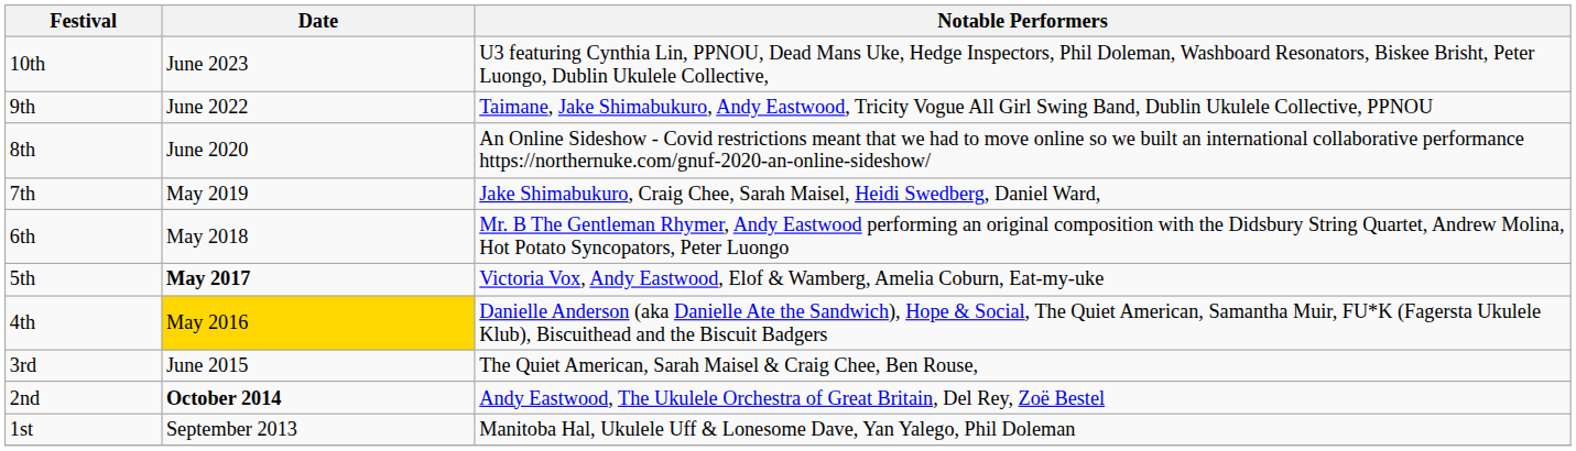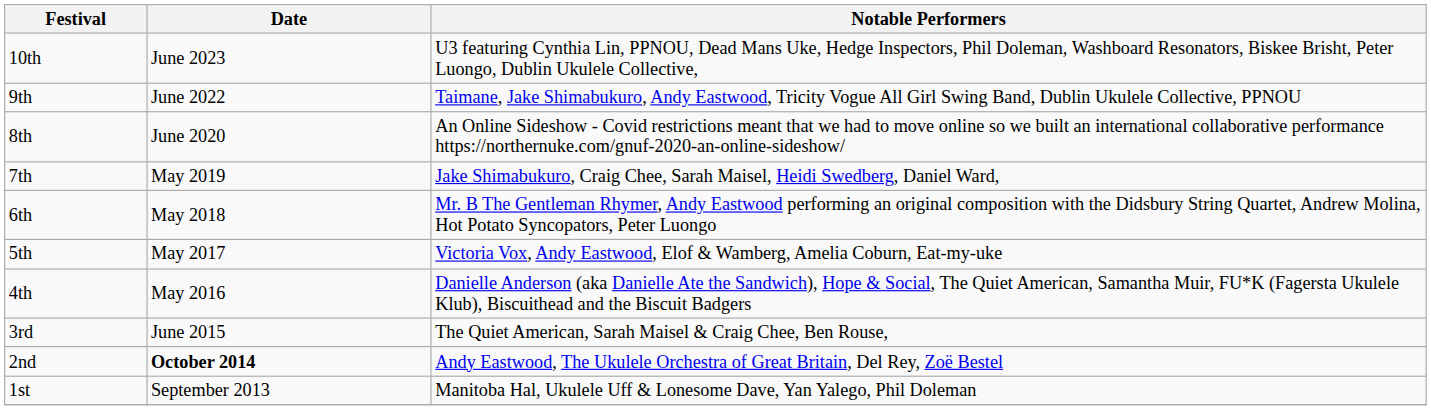 <table class="wikitable sortable">
 <tr>
 <th width="10%">Festival</th>
 <th width="20%">Date</th>
 <th width="70%">Notable Performers</th>
 </tr>
 <tr>
 <td>10th</td>
 <td>June 2023</td>
 <td>U3 featuring Cynthia Lin, PPNOU, Dead Mans Uke, Hedge Inspectors, Phil Doleman, Washboard Resonators, Biskee Brisht, Peter Luongo, Dublin Ukulele Collective,</td>
 </tr>
 <tr>
 <td>9th</td>
 <td>June 2022</td>
 <td><a href='#'>Taimane</a>, <a href='#'>Jake Shimabukuro</a>, <a href='#'>Andy Eastwood</a>, Tricity Vogue All Girl Swing Band, Dublin Ukulele Collective, PPNOU</td>
 </tr>
 <tr>
 <td>8th</td>
 <td>June 2020</td>
 <td>An Online Sideshow - Covid restrictions meant that we had to move online so we built an international collaborative performance https://northernuke.com/gnuf-2020-an-online-sideshow/</td>
 </tr>
 <tr>
 <td>7th</td>
 <td>May 2019</td>
 <td><a href='#'>Jake Shimabukuro</a>, Craig Chee, Sarah Maisel, <a href='#'>Heidi Swedberg</a>, Daniel Ward,</td>
 </tr>
 <tr>
 <td>6th</td>
 <td>May 2018</td>
 <td><a href='#'>Mr. B The Gentleman Rhymer</a>, <a href='#'>Andy Eastwood</a> performing an original composition with the Didsbury String Quartet, Andrew Molina, Hot Potato Syncopators, Peter Luongo</td>
 </tr>
 <tr>
 <td>5th</td>
-<td><strong>May 2017</strong></td>
+<td>May 2017</td>
 <td><a href='#'>Victoria Vox</a>, <a href='#'>Andy Eastwood</a>, Elof & Wamberg, Amelia Coburn, Eat-my-uke</td>
 </tr>
 <tr>
 <td>4th</td>
-<td style="background: gold;">May 2016</td>
+<td>May 2016</td>
 <td><a href='#'>Danielle Anderson</a> (aka <a href='#'>Danielle Ate the Sandwich</a>), <a href='#'>Hope & Social</a>, The Quiet American, Samantha Muir, FU*K (Fagersta Ukulele Klub), Biscuithead and the Biscuit Badgers</td>
 </tr>
 <tr>
 <td>3rd</td>
 <td>June 2015</td>
 <td>The Quiet American, Sarah Maisel & Craig Chee, Ben Rouse,</td>
 </tr>
 <tr>
 <td>2nd</td>
 <td><strong>October 2014</strong></td>
 <td><a href='#'>Andy Eastwood</a>, <a href='#'>The Ukulele Orchestra of Great Britain</a>, Del Rey, <a href='#'>Zoë Bestel</a></td>
 </tr>
 <tr>
 <td>1st</td>
 <td>September 2013</td>
 <td>Manitoba Hal, Ukulele Uff & Lonesome Dave, Yan Yalego, Phil Doleman</td>
 </tr>
 <tr>
 </tr>
 </table>
